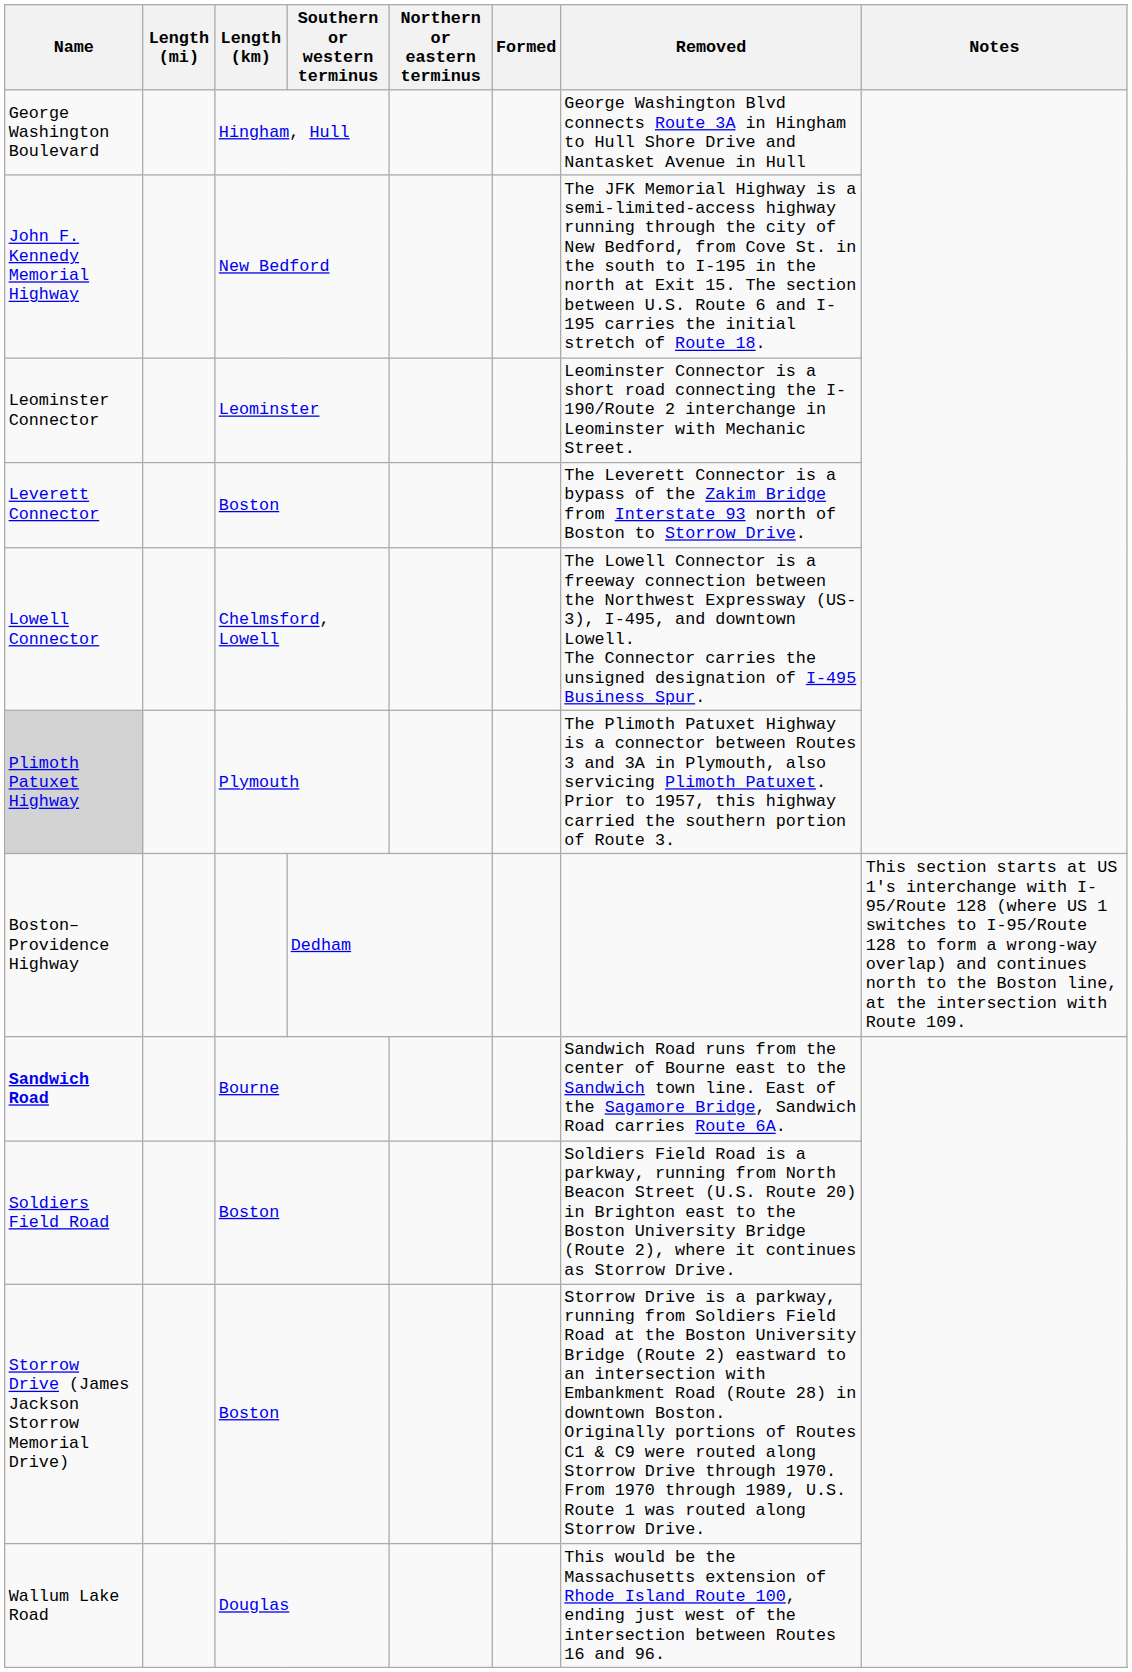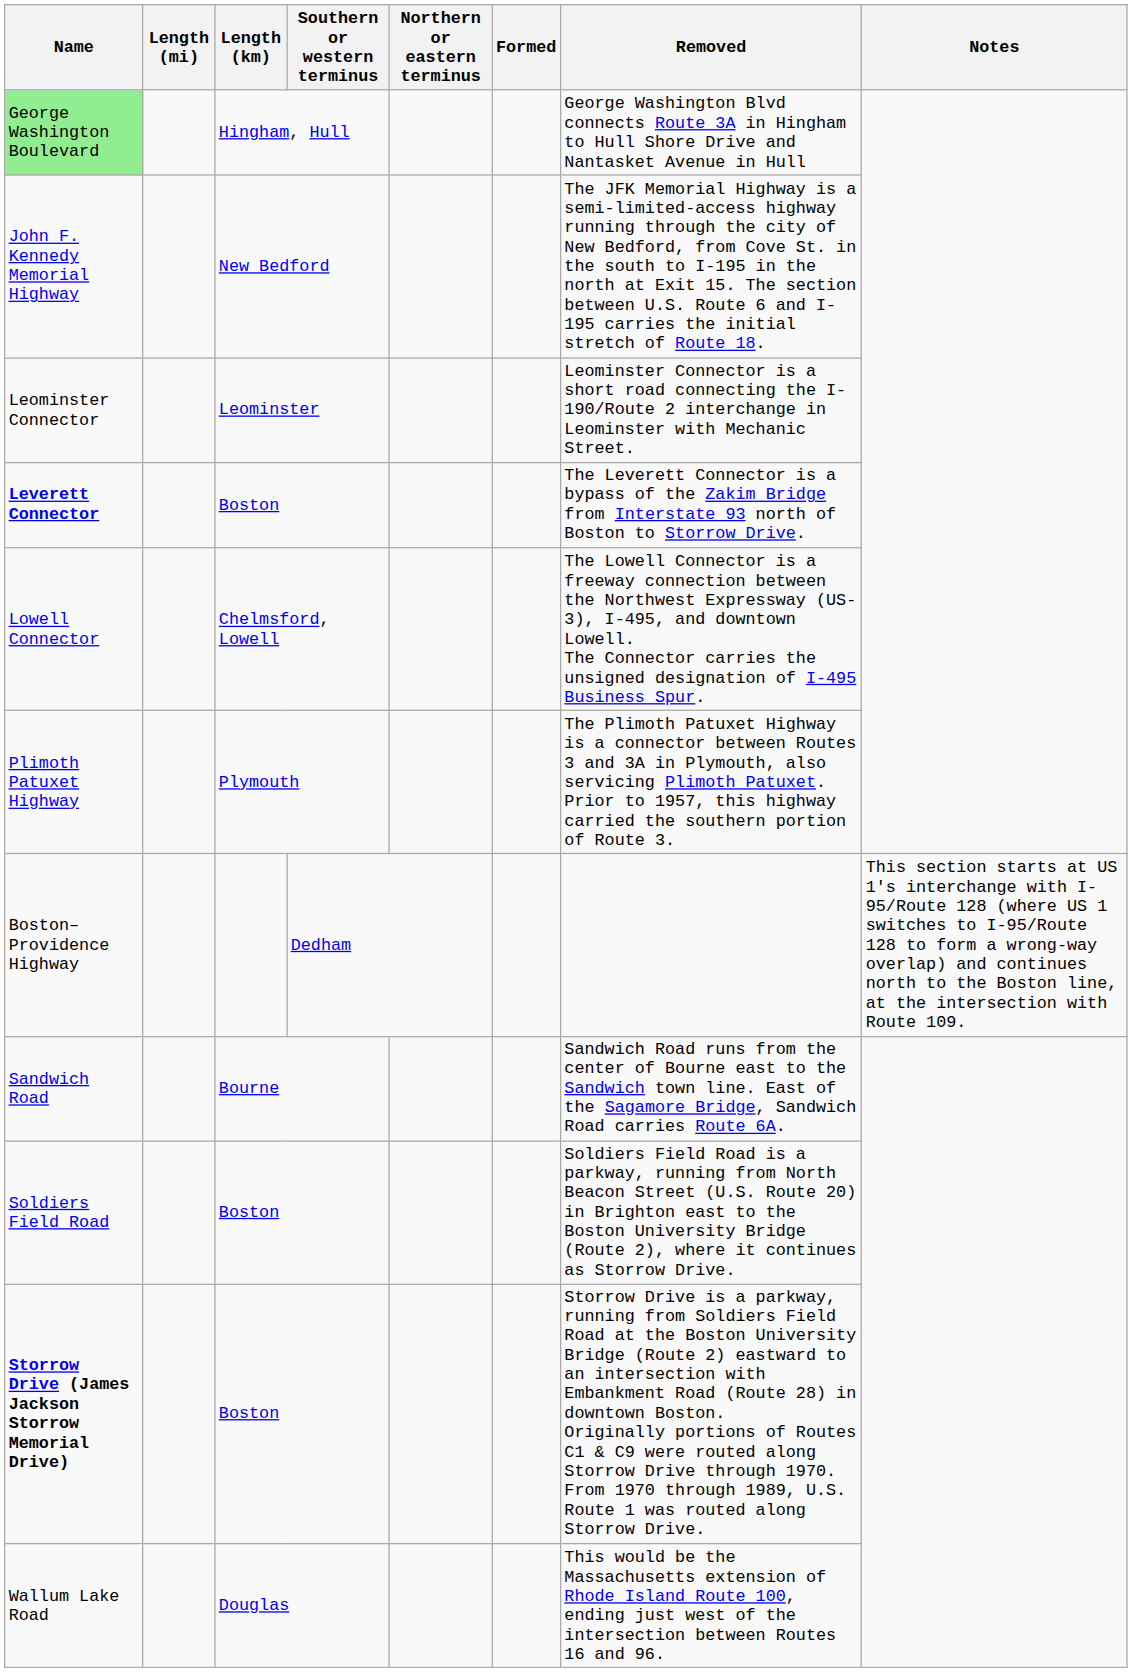 <table class= "wikitable sortable">
 <tr>
 <th scope="col">Name</th>
 <th scope="col">Length (mi)</th>
 <th scope="col">Length (km)</th>
 <th scope="col" class="unsortable">Southern or western terminus</th>
 <th scope="col" class="unsortable">Northern or eastern terminus</th>
 <th scope="col">Formed</th>
 <th scope="col">Removed</th>
 <th scope="col" class="unsortable">Notes</th>
 </tr>
 <tr>
-<td>George Washington Boulevard</td>
+<td style="background: lightgreen;">George Washington Boulevard</td>
 <td></td>
 <td colspan=2><a href='#'>Hingham</a>, <a href='#'>Hull</a></td>
 <td></td>
 <td></td>
 <td>George Washington Blvd connects <a href='#'>Route 3A</a> in Hingham to Hull Shore Drive and Nantasket Avenue in Hull</td>
 </tr>
 <tr>
 <td><a href='#'>John F. Kennedy Memorial Highway</a></td>
 <td></td>
 <td colspan=2><a href='#'>New Bedford</a></td>
 <td></td>
 <td></td>
 <td>The JFK Memorial Highway is a semi-limited-access highway running through the city of New Bedford, from Cove St. in the south to I-195 in the north at Exit 15.  The section between U.S. Route 6 and I-195 carries the initial stretch of <a href='#'>Route 18</a>.</td>
 </tr>
 <tr>
 <td>Leominster Connector</td>
 <td></td>
 <td colspan=2><a href='#'>Leominster</a></td>
 <td></td>
 <td></td>
 <td>Leominster Connector is a short road connecting the I-190/Route 2 interchange in Leominster with Mechanic Street.</td>
 </tr>
 <tr>
-<td><a href='#'>Leverett Connector</a></td>
+<td><strong><a href='#'>Leverett Connector</a></strong></td>
 <td></td>
 <td colspan=2><a href='#'>Boston</a></td>
 <td></td>
 <td></td>
 <td>The Leverett Connector is a bypass of the <a href='#'>Zakim Bridge</a> from <a href='#'>Interstate 93</a> north of Boston to <a href='#'>Storrow Drive</a>.</td>
 </tr>
 <tr>
 <td><a href='#'>Lowell Connector</a></td>
 <td></td>
 <td colspan=2><a href='#'>Chelmsford</a>, <a href='#'>Lowell</a></td>
 <td></td>
 <td></td>
 <td>The Lowell Connector is a freeway connection between the Northwest Expressway (US-3), I-495, and downtown Lowell.<br>The Connector carries the unsigned designation of <a href='#'>I-495 Business Spur</a>.</td>
 </tr>
 <tr>
-<td style="background: lightgrey;"><a href='#'>Plimoth Patuxet Highway</a></td>
+<td><a href='#'>Plimoth Patuxet Highway</a></td>
 <td></td>
 <td colspan=2><a href='#'>Plymouth</a></td>
 <td></td>
 <td></td>
 <td>The Plimoth Patuxet Highway is a connector between Routes 3 and 3A in Plymouth, also servicing <a href='#'>Plimoth Patuxet</a>. Prior to 1957, this highway carried the southern portion of Route 3.</td>
 </tr>
 <tr>
 <td>Boston–Providence Highway</td>
 <td></td>
 <td></td>
 <td colspan=2><a href='#'>Dedham</a></td>
 <td></td>
 <td></td>
 <td>This section starts at US 1's interchange with I-95/Route 128 (where US 1 switches to I-95/Route 128 to form a wrong-way overlap) and continues north to the Boston line, at the intersection with Route 109.</td>
 </tr>
 <tr>
-<td><strong><a href='#'>Sandwich Road</a></strong></td>
+<td><a href='#'>Sandwich Road</a></td>
 <td></td>
 <td colspan=2><a href='#'>Bourne</a></td>
 <td></td>
 <td></td>
 <td>Sandwich Road runs from the center of Bourne east to the <a href='#'>Sandwich</a> town line.  East of the <a href='#'>Sagamore Bridge</a>, Sandwich Road carries <a href='#'>Route 6A</a>.</td>
 </tr>
 <tr>
 <td><a href='#'>Soldiers Field Road</a></td>
 <td></td>
 <td colspan=2><a href='#'>Boston</a></td>
 <td></td>
 <td></td>
 <td>Soldiers Field Road is a parkway, running from North Beacon Street (U.S. Route 20) in Brighton east to the Boston University Bridge (Route 2), where it continues as Storrow Drive.</td>
 </tr>
 <tr>
-<td><a href='#'>Storrow Drive</a> (James Jackson Storrow Memorial Drive)</td>
+<td><strong><a href='#'>Storrow Drive</a> (James Jackson Storrow Memorial Drive)</strong></td>
 <td></td>
 <td colspan=2><a href='#'>Boston</a></td>
 <td></td>
 <td></td>
 <td>Storrow Drive is a parkway, running from Soldiers Field Road at the Boston University Bridge (Route 2) eastward to an intersection with Embankment Road (Route 28) in downtown Boston.<br>Originally portions of Routes C1 & C9 were routed along Storrow Drive through 1970.  From 1970 through 1989, U.S. Route 1 was routed along Storrow Drive.</td>
 </tr>
 <tr>
 <td>Wallum Lake Road</td>
 <td></td>
 <td colspan=2><a href='#'>Douglas</a></td>
 <td></td>
 <td></td>
 <td>This would be the Massachusetts extension of <a href='#'>Rhode Island Route 100</a>, ending just west of the intersection between Routes 16 and 96.</td>
 </tr>
 </table>
